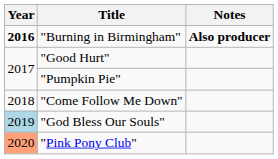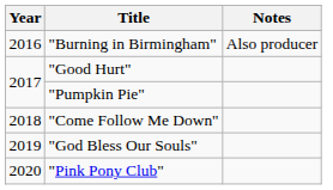 <table class="wikitable">
 <tr>
 <th>Year</th>
 <th>Title</th>
 <th>Notes</th>
 </tr>
 <tr>
-<td><strong>2016</strong></td>
+<td>2016</td>
 <td>"Burning in Birmingham"</td>
-<td><strong>Also producer</strong></td>
+<td>Also producer</td>
 </tr>
 <tr>
 <td rowspan=2>2017</td>
 <td>"Good Hurt"</td>
 <td></td>
 </tr>
 <tr>
 <td>"Pumpkin Pie"</td>
 <td></td>
 </tr>
 <tr>
 <td>2018</td>
 <td>"Come Follow Me Down"</td>
 <td></td>
 </tr>
 <tr>
-<td style="background: lightblue;">2019</td>
+<td>2019</td>
 <td>"God Bless Our Souls"</td>
 <td></td>
 </tr>
 <tr>
-<td style="background: lightsalmon;">2020</td>
+<td>2020</td>
 <td>"<a href='#'>Pink Pony Club</a>"</td>
 <td></td>
 </tr>
 </table>
